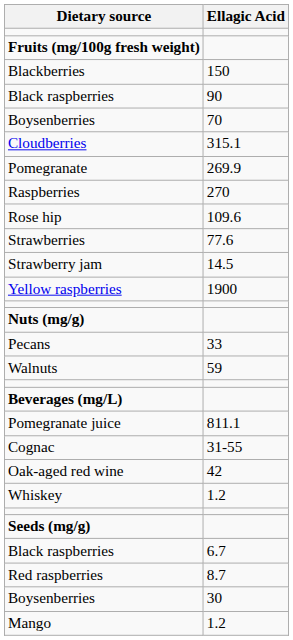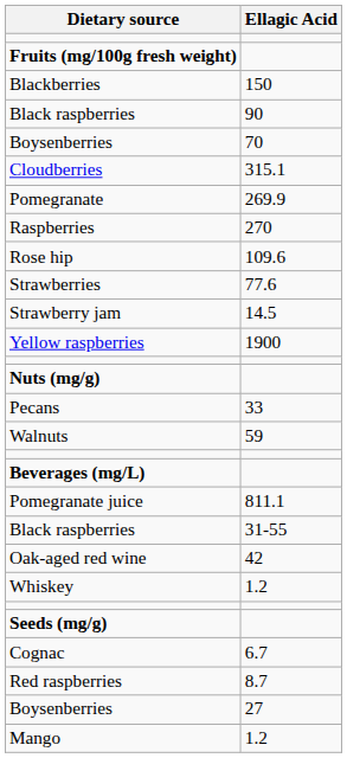 <table class="wikitable">
 <tr>
 <th>Dietary source</th>
 <th>Ellagic Acid</th>
 </tr>
 <tr>
 <td></td>
 <td></td>
 </tr>
 <tr>
 <td><strong>Fruits (mg/100g fresh weight)</strong></td>
 <td></td>
 </tr>
 <tr>
 <td>Blackberries</td>
 <td>150</td>
 </tr>
 <tr>
 <td>Black raspberries</td>
 <td>90</td>
 </tr>
 <tr>
 <td>Boysenberries</td>
 <td>70</td>
 </tr>
 <tr>
 <td><a href='#'>Cloudberries</a></td>
 <td>315.1</td>
 </tr>
 <tr>
 <td>Pomegranate</td>
 <td>269.9</td>
 </tr>
 <tr>
 <td>Raspberries</td>
 <td>270</td>
 </tr>
 <tr>
 <td>Rose hip</td>
 <td>109.6</td>
 </tr>
 <tr>
 <td>Strawberries</td>
 <td>77.6</td>
 </tr>
 <tr>
 <td>Strawberry jam</td>
 <td>14.5</td>
 </tr>
 <tr>
 <td><a href='#'>Yellow raspberries</a></td>
 <td>1900</td>
 </tr>
 <tr>
 <td></td>
 <td></td>
 </tr>
 <tr>
 <td><strong>Nuts (mg/g)</strong></td>
 <td></td>
 </tr>
 <tr>
 <td>Pecans</td>
 <td>33</td>
 </tr>
 <tr>
 <td>Walnuts</td>
 <td>59</td>
 </tr>
 <tr>
 <td></td>
 <td></td>
 </tr>
 <tr>
 <td><strong>Beverages (mg/L)</strong></td>
 <td></td>
 </tr>
 <tr>
 <td>Pomegranate juice</td>
 <td>811.1</td>
 </tr>
 <tr>
-<td>Cognac</td>
+<td>Black raspberries</td>
 <td>31-55</td>
 </tr>
 <tr>
 <td>Oak-aged red wine</td>
 <td>42</td>
 </tr>
 <tr>
 <td>Whiskey</td>
 <td>1.2</td>
 </tr>
 <tr>
 <td></td>
 <td></td>
 </tr>
 <tr>
 <td><strong>Seeds (mg/g)</strong></td>
 <td></td>
 </tr>
 <tr>
-<td>Black raspberries</td>
+<td>Cognac</td>
 <td>6.7</td>
 </tr>
 <tr>
 <td>Red raspberries</td>
 <td>8.7</td>
 </tr>
 <tr>
 <td>Boysenberries</td>
-<td>30</td>
+<td>27</td>
 </tr>
 <tr>
 <td>Mango</td>
 <td>1.2</td>
 </tr>
 </table>
